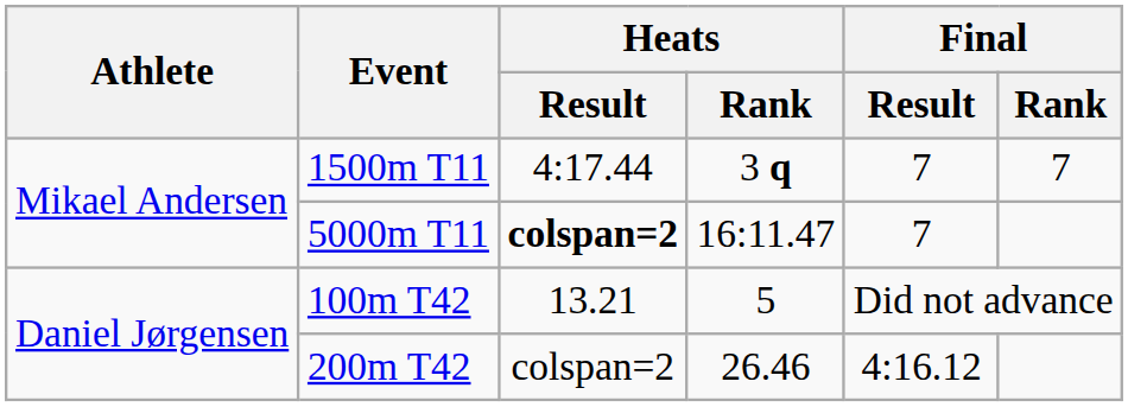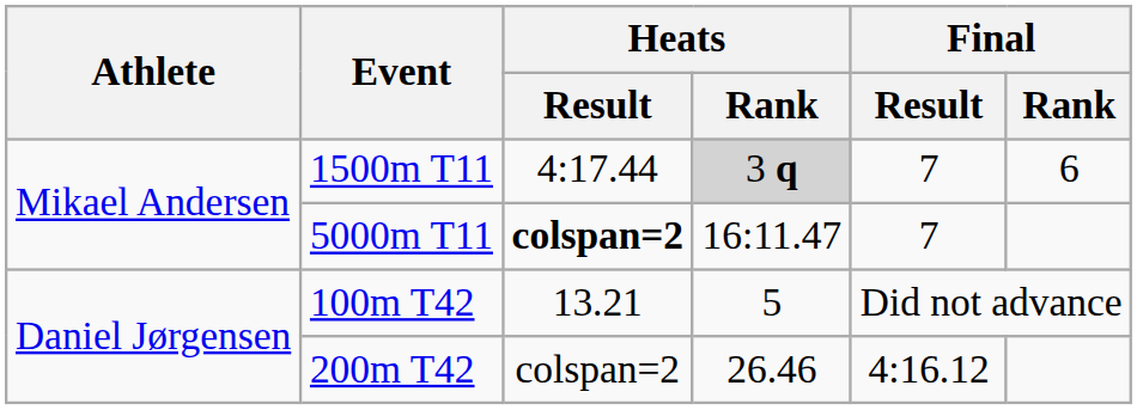 <table class=wikitable style="font-size:90%">
 <tr>
 <th rowspan="2">Athlete</th>
 <th rowspan="2">Event</th>
 <th colspan="2">Heats</th>
 <th colspan="2">Final</th>
 </tr>
 <tr>
 <th>Result</th>
 <th>Rank</th>
 <th>Result</th>
 <th>Rank</th>
 </tr>
 <tr align=center>
 <td align=left rowspan=2><a href='#'>Mikael Andersen</a></td>
 <td align=left><a href='#'>1500m T11</a></td>
 <td>4:17.44</td>
-<td>3 <strong>q</strong></td>
+<td style="background: lightgrey;">3 <strong>q</strong></td>
 <td>7</td>
-<td>7</td>
+<td>6</td>
 </tr>
 <tr align=center>
 <td align=left><a href='#'>5000m T11</a></td>
 <td><strong>colspan=2 </strong></td>
 <td>16:11.47</td>
 <td>7</td>
 </tr>
 <tr align=center>
 <td align=left rowspan=2><a href='#'>Daniel Jørgensen</a></td>
 <td align=left><a href='#'>100m T42</a></td>
 <td>13.21</td>
 <td>5</td>
 <td colspan=2>Did not advance</td>
 </tr>
 <tr align=center>
 <td align=left><a href='#'>200m T42</a></td>
 <td>colspan=2 </td>
 <td>26.46</td>
 <td>4:16.12</td>
 </tr>
 </table>
